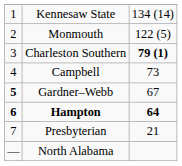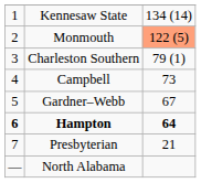 <table class="wikitable">
 <tr align="center">
 </tr>
 <tr align="center">
 <td>1</td>
 <td>Kennesaw State</td>
 <td>134 (14)</td>
 </tr>
 <tr align="center">
 <td>2</td>
 <td>Monmouth</td>
-<td>122 (5)</td>
+<td style="background: lightsalmon;">122 (5)</td>
 </tr>
 <tr align="center">
 <td>3</td>
 <td>Charleston Southern</td>
-<td><strong>79 (1)</strong></td>
+<td>79 (1)</td>
 </tr>
 <tr align="center">
 <td>4</td>
 <td>Campbell</td>
 <td>73</td>
 </tr>
 <tr align="center">
-<td><strong>5</strong></td>
+<td>5</td>
 <td>Gardner–Webb</td>
 <td>67</td>
 </tr>
 <tr align="center">
 <td><strong>6</strong></td>
 <td><strong>Hampton</strong></td>
 <td><strong>64</strong></td>
 </tr>
 <tr align="center">
 <td>7</td>
 <td>Presbyterian</td>
 <td>21</td>
 </tr>
 <tr align="center">
 <td>—</td>
 <td>North Alabama</td>
 <td></td>
 </tr>
 </table>
